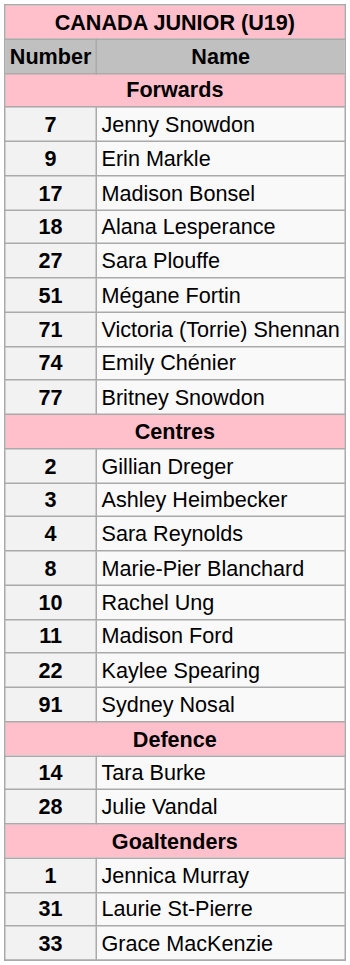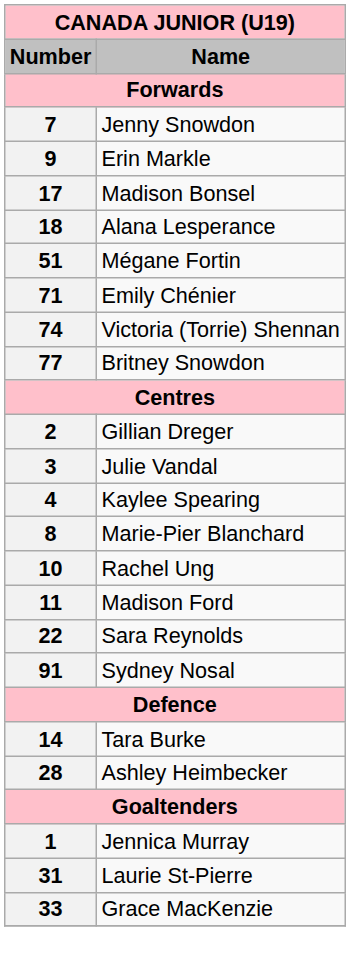 <table class="wikitable" style="text-align:left; font-size:90%;">
 <tr>
 <th style=background:pink colspan=2>CANADA JUNIOR (U19)</th>
 </tr>
 <tr>
 <th width=10 style="background:silver;">Number</th>
 <th style="background:silver;">Name</th>
 </tr>
 <tr>
 <th style=background:pink colspan=2>Forwards</th>
 </tr>
 <tr>
 <th>7</th>
 <td>Jenny Snowdon</td>
 </tr>
 <tr>
 <th>9</th>
 <td>Erin Markle</td>
 </tr>
 <tr>
 <th>17</th>
 <td>Madison Bonsel</td>
 </tr>
 <tr>
 <th>18</th>
 <td>Alana Lesperance</td>
 </tr>
 <tr>
-<th>27</th>
-<td>Sara Plouffe</td>
-</tr>
-<tr>
 <th>51</th>
 <td>Mégane Fortin</td>
 </tr>
 <tr>
 <th>71</th>
-<td>Victoria (Torrie) Shennan</td>
+<td>Emily Chénier</td>
 </tr>
 <tr>
 <th>74</th>
-<td>Emily Chénier</td>
+<td>Victoria (Torrie) Shennan</td>
 </tr>
 <tr>
 <th>77</th>
 <td>Britney Snowdon</td>
 </tr>
 <tr>
 <th style=background:pink colspan=2>Centres</th>
 </tr>
 <tr>
 <th>2</th>
 <td>Gillian Dreger</td>
 </tr>
 <tr>
 <th>3</th>
-<td>Ashley Heimbecker</td>
+<td>Julie Vandal</td>
 </tr>
 <tr>
 <th>4</th>
-<td>Sara Reynolds</td>
+<td>Kaylee Spearing</td>
 </tr>
 <tr>
 <th>8</th>
 <td>Marie-Pier Blanchard</td>
 </tr>
 <tr>
 <th>10</th>
 <td>Rachel Ung</td>
 </tr>
 <tr>
 <th>11</th>
 <td>Madison Ford</td>
 </tr>
 <tr>
 <th>22</th>
-<td>Kaylee Spearing</td>
+<td>Sara Reynolds</td>
 </tr>
 <tr>
 <th>91</th>
 <td>Sydney Nosal</td>
 </tr>
 <tr>
 <th style=background:pink colspan=2>Defence</th>
 </tr>
 <tr>
 <th>14</th>
 <td>Tara Burke</td>
 </tr>
 <tr>
 <th>28</th>
-<td>Julie Vandal</td>
+<td>Ashley Heimbecker</td>
 </tr>
 <tr>
 <th style=background:pink colspan=2>Goaltenders</th>
 </tr>
 <tr>
 <th>1</th>
 <td>Jennica Murray</td>
 </tr>
 <tr>
 <th>31</th>
 <td>Laurie St-Pierre</td>
 </tr>
 <tr>
 <th>33</th>
 <td>Grace MacKenzie</td>
 </tr>
 <tr>
 </tr>
 </table>
